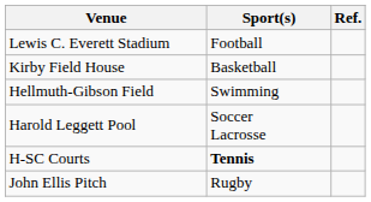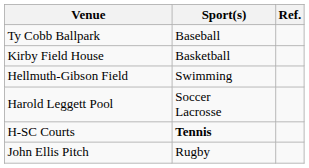 <table class="wikitable"; style=" ">
 <tr>
 <th width=200px>Venue</th>
 <th width=120px>Sport(s)</th>
 <th width=px>Ref.</th>
 </tr>
 <tr>
-<td>Lewis C. Everett Stadium</td>
-<td>Football</td>
+<td>Ty Cobb Ballpark</td>
+<td>Baseball</td>
 <td></td>
 </tr>
 <tr>
 <td>Kirby Field House</td>
 <td>Basketball</td>
 <td></td>
 </tr>
 <tr>
 <td>Hellmuth-Gibson Field</td>
 <td>Swimming</td>
 <td></td>
 </tr>
 <tr>
 <td>Harold Leggett Pool</td>
 <td>Soccer <br> Lacrosse</td>
 <td></td>
 </tr>
 <tr>
 <td>H-SC Courts</td>
 <td><strong>Tennis</strong></td>
 <td></td>
 </tr>
 <tr>
 <td>John Ellis Pitch</td>
 <td>Rugby</td>
 <td></td>
 </tr>
 </table>
